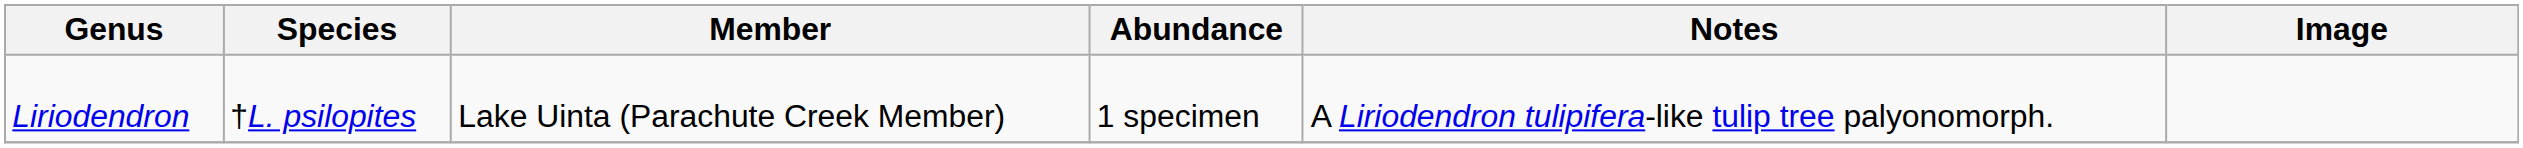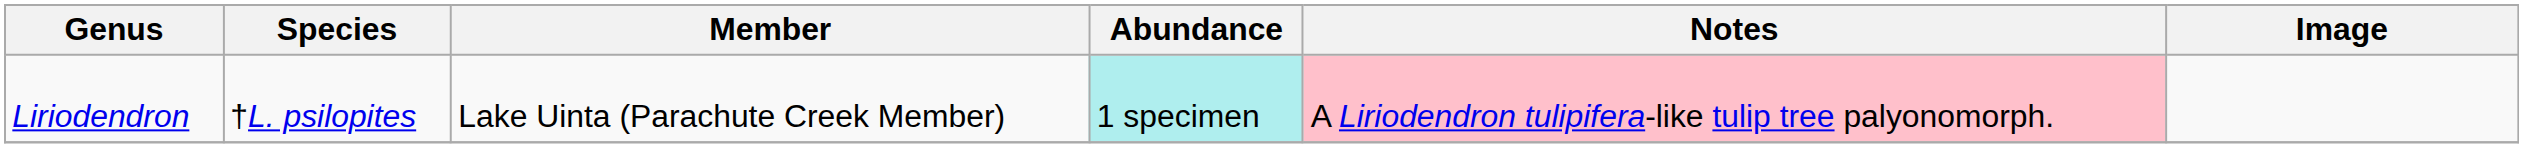 <table class="wikitable" style="margin:auto;width:100%;">
 <tr>
 <th>Genus</th>
 <th>Species</th>
 <th>Member</th>
 <th>Abundance</th>
 <th>Notes</th>
 <th width=170px>Image</th>
 </tr>
 <tr>
 <td><br><em><a href='#'>Liriodendron</a></em></td>
 <td><br>†<em><a href='#'>L. psilopites</a></em> </td>
 <td><br>Lake Uinta (Parachute Creek Member)</td>
-<td><br>1 specimen</td>
-<td><br>A <em><a href='#'>Liriodendron tulipifera</a></em>-like <a href='#'>tulip tree</a> palyonomorph.</td>
+<td style="background: paleturquoise;"><br>1 specimen</td>
+<td style="background: pink;"><br>A <em><a href='#'>Liriodendron tulipifera</a></em>-like <a href='#'>tulip tree</a> palyonomorph.</td>
 <td></td>
 </tr>
 <tr>
 </tr>
 </table>
